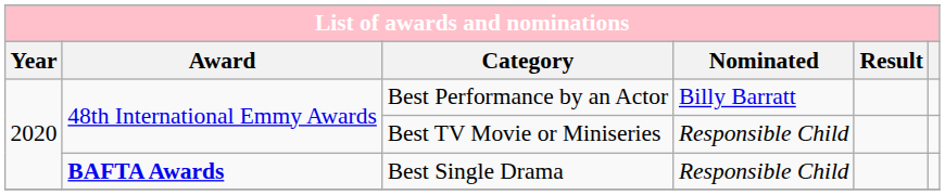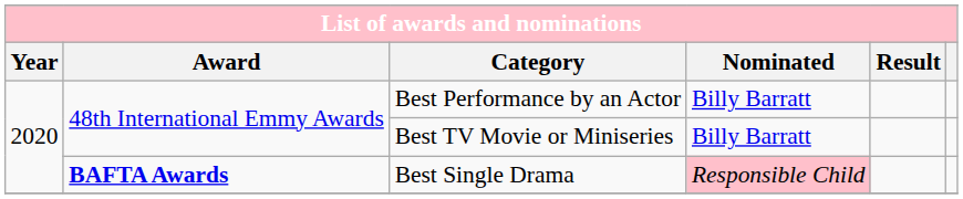 <table class="wikitable sortable plainrowheaders">
 <tr>
 </tr>
 <tr style="color:white;">
 <th colspan="7" style="background:pink;"><span> List of awards and nominations</span></th>
 </tr>
 <tr>
 <th>Year</th>
 <th>Award</th>
 <th>Category</th>
 <th>Nominated</th>
 <th>Result</th>
 <th class="unsortable"></th>
 </tr>
 <tr>
 <td rowspan="3">2020</td>
 <td rowspan="2"><a href='#'>48th International Emmy Awards</a></td>
 <td>Best Performance by an Actor</td>
 <td><a href='#'>Billy Barratt</a></td>
 <td></td>
 <td></td>
 </tr>
 <tr>
 <td>Best TV Movie or Miniseries</td>
-<td><em>Responsible Child</em></td>
+<td><a href='#'>Billy Barratt</a></td>
 <td></td>
 <td></td>
 </tr>
 <tr>
 <td><strong><a href='#'>BAFTA Awards</a></strong></td>
 <td>Best Single Drama</td>
-<td><em>Responsible Child</em></td>
+<td style="background: pink;"><em>Responsible Child</em></td>
 <td></td>
 <td></td>
 </tr>
 <tr>
 </tr>
 </table>
